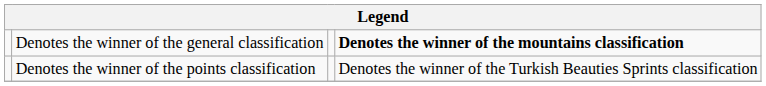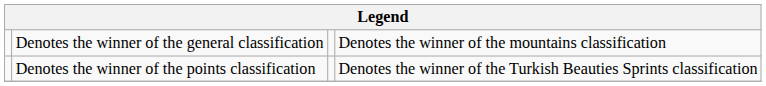 <table class="wikitable">
 <tr>
 <th colspan="4">Legend</th>
 </tr>
 <tr>
 <td></td>
 <td>Denotes the winner of the general classification</td>
 <td></td>
-<td><strong>Denotes the winner of the mountains classification</strong></td>
+<td>Denotes the winner of the mountains classification</td>
 </tr>
 <tr>
 <td></td>
 <td>Denotes the winner of the points classification</td>
 <td></td>
 <td>Denotes the winner of the Turkish Beauties Sprints classification</td>
 </tr>
 <tr>
 </tr>
 </table>
